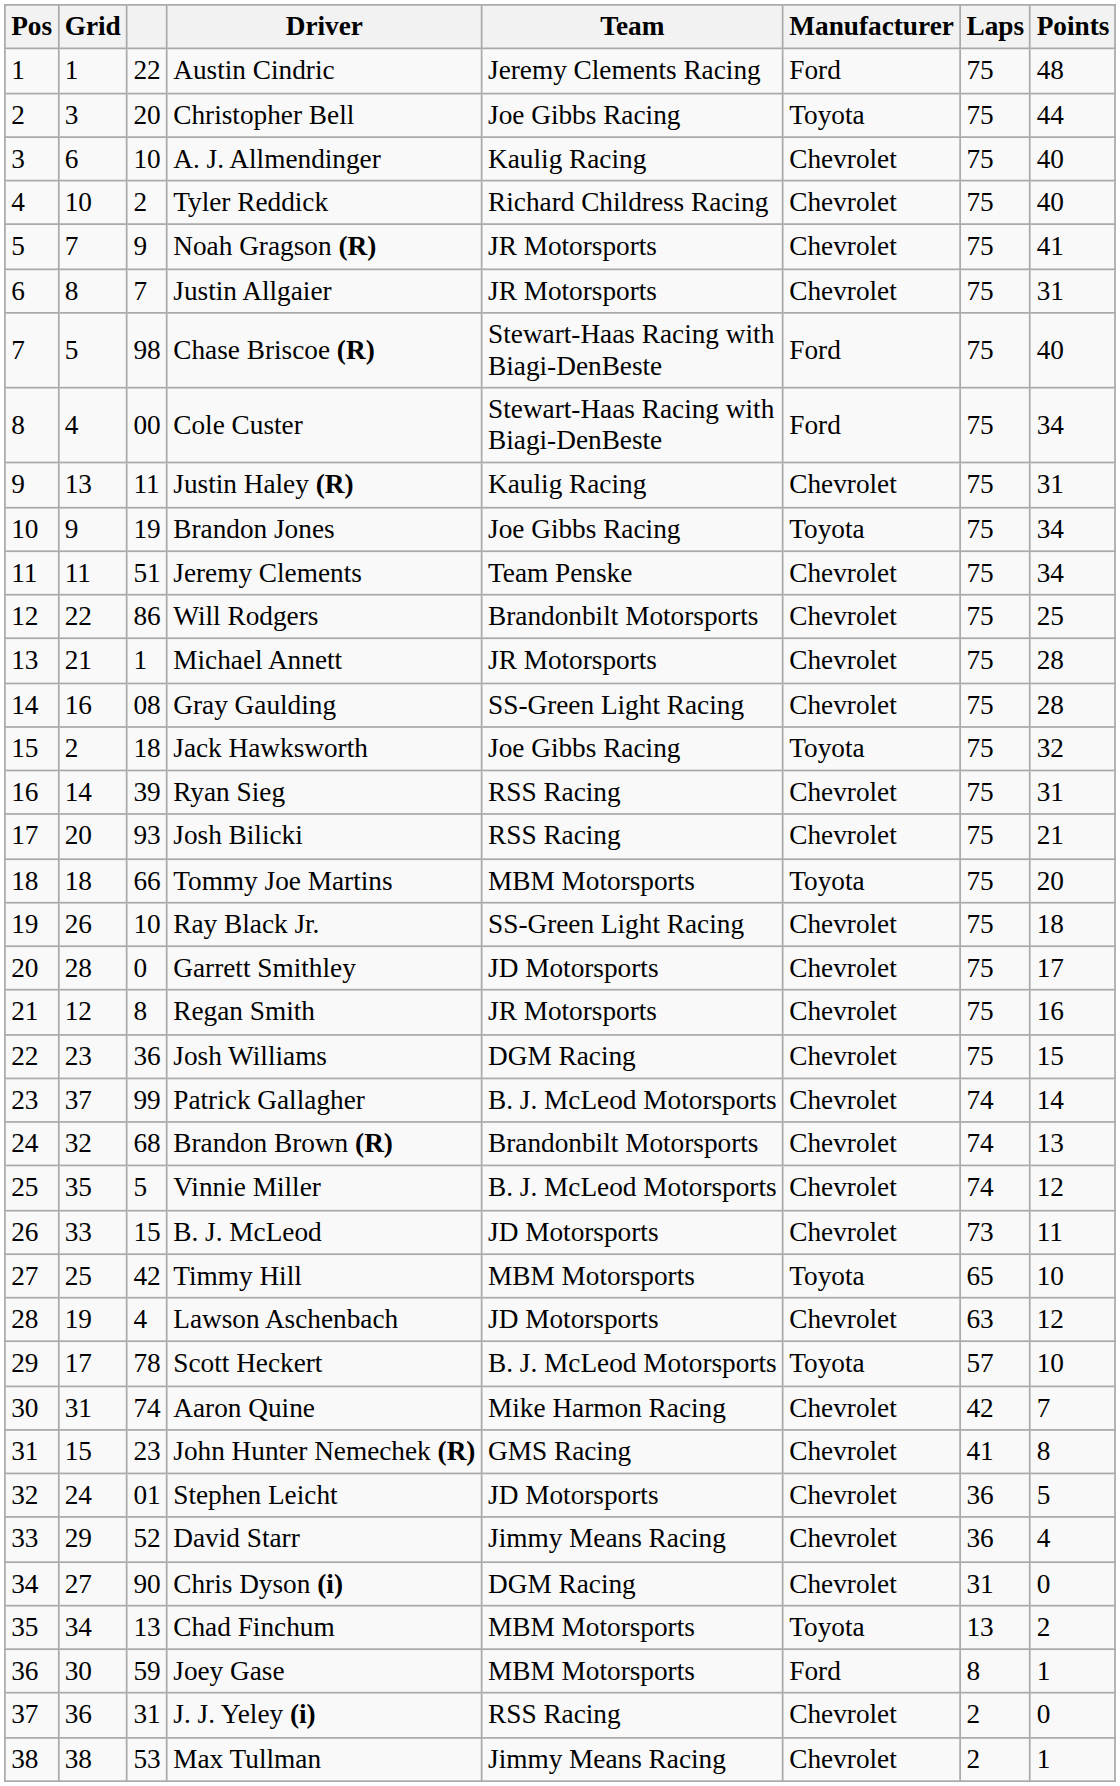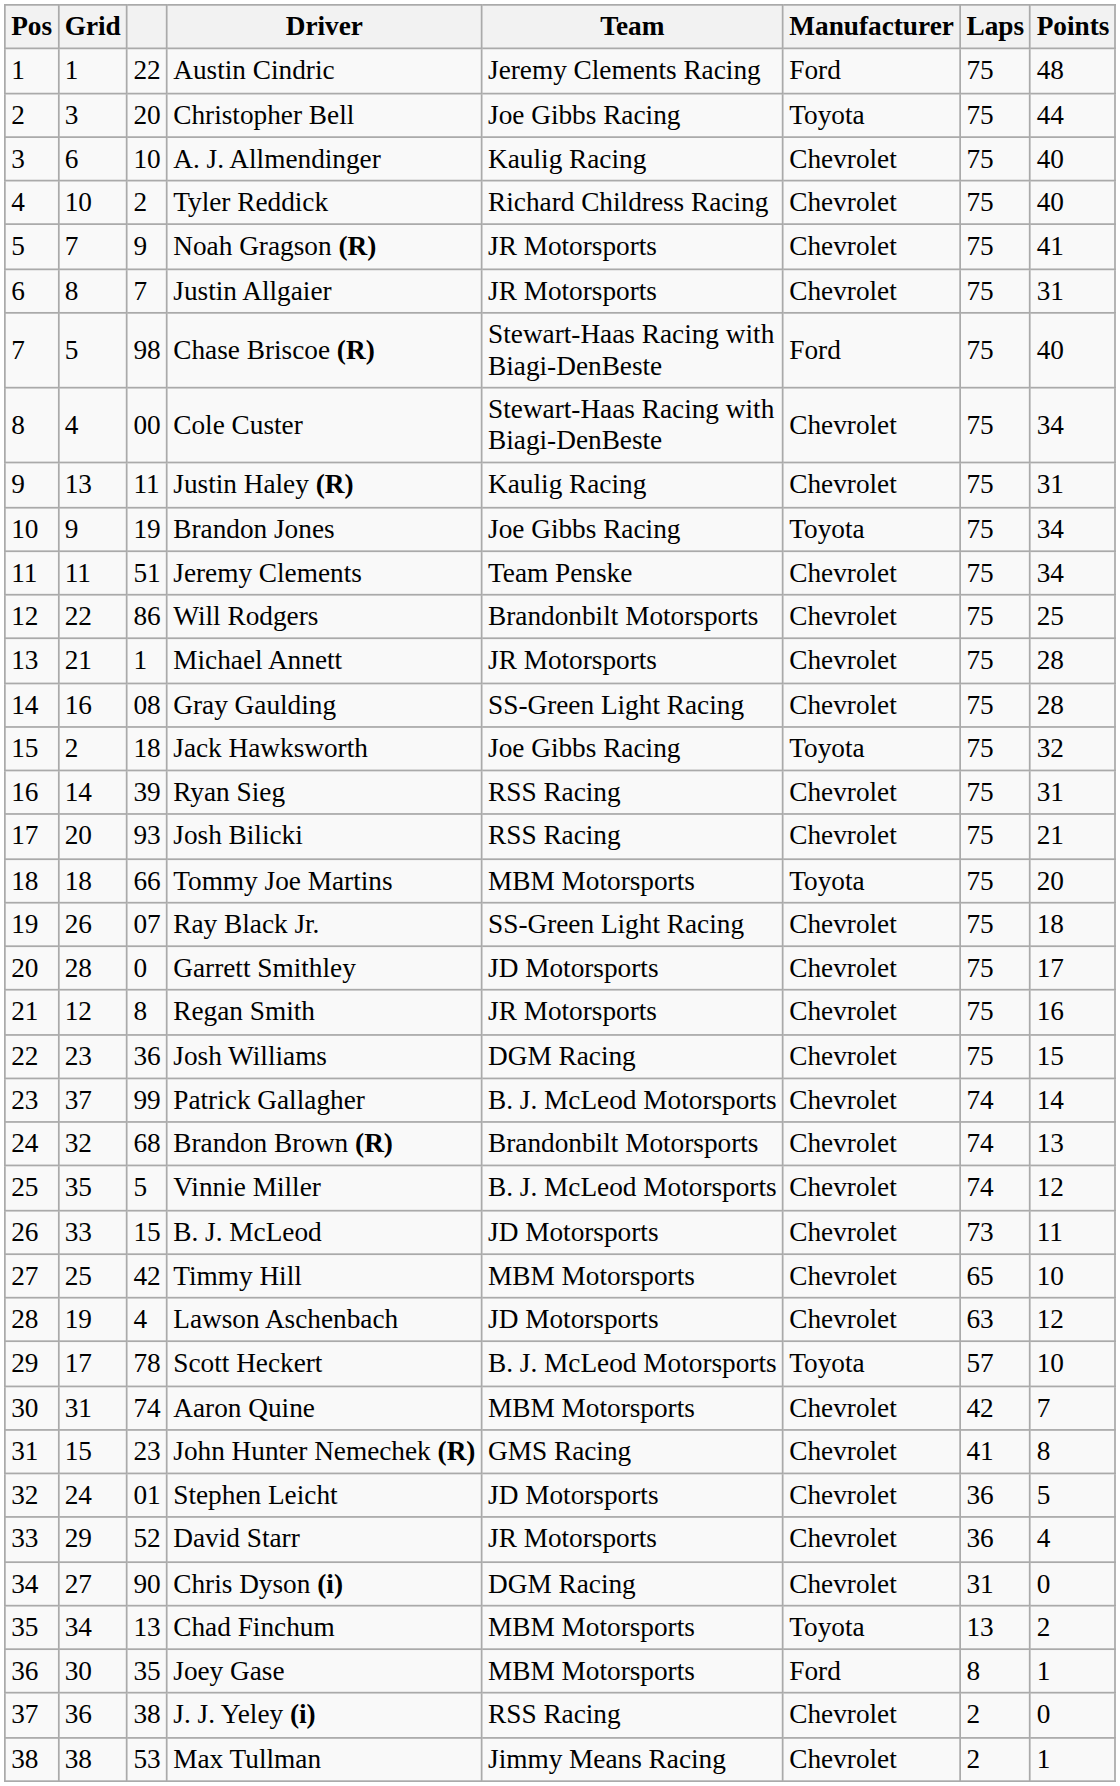 <table class="wikitable" style="font-size:98%">
 <tr>
 <th>Pos</th>
 <th>Grid</th>
 <th></th>
 <th>Driver</th>
 <th>Team</th>
 <th>Manufacturer</th>
 <th>Laps</th>
 <th>Points</th>
 </tr>
 <tr>
 <td>1</td>
 <td>1</td>
 <td>22</td>
 <td>Austin Cindric</td>
 <td>Jeremy Clements Racing</td>
 <td>Ford</td>
 <td>75</td>
 <td>48</td>
 </tr>
 <tr>
 <td>2</td>
 <td>3</td>
 <td>20</td>
 <td>Christopher Bell</td>
 <td>Joe Gibbs Racing</td>
 <td>Toyota</td>
 <td>75</td>
 <td>44</td>
 </tr>
 <tr>
 <td>3</td>
 <td>6</td>
 <td>10</td>
 <td>A. J. Allmendinger</td>
 <td>Kaulig Racing</td>
 <td>Chevrolet</td>
 <td>75</td>
 <td>40</td>
 </tr>
 <tr>
 <td>4</td>
 <td>10</td>
 <td>2</td>
 <td>Tyler Reddick</td>
 <td>Richard Childress Racing</td>
 <td>Chevrolet</td>
 <td>75</td>
 <td>40</td>
 </tr>
 <tr>
 <td>5</td>
 <td>7</td>
 <td>9</td>
 <td>Noah Gragson <strong>(R)</strong></td>
 <td>JR Motorsports</td>
 <td>Chevrolet</td>
 <td>75</td>
 <td>41</td>
 </tr>
 <tr>
 <td>6</td>
 <td>8</td>
 <td>7</td>
 <td>Justin Allgaier</td>
 <td>JR Motorsports</td>
 <td>Chevrolet</td>
 <td>75</td>
 <td>31</td>
 </tr>
 <tr>
 <td>7</td>
 <td>5</td>
 <td>98</td>
 <td>Chase Briscoe <strong>(R)</strong></td>
 <td>Stewart-Haas Racing with<br>Biagi-DenBeste</td>
 <td>Ford</td>
 <td>75</td>
 <td>40</td>
 </tr>
 <tr>
 <td>8</td>
 <td>4</td>
 <td>00</td>
 <td>Cole Custer</td>
 <td>Stewart-Haas Racing with<br>Biagi-DenBeste</td>
-<td>Ford</td>
+<td>Chevrolet</td>
 <td>75</td>
 <td>34</td>
 </tr>
 <tr>
 <td>9</td>
 <td>13</td>
 <td>11</td>
 <td>Justin Haley <strong>(R)</strong></td>
 <td>Kaulig Racing</td>
 <td>Chevrolet</td>
 <td>75</td>
 <td>31</td>
 </tr>
 <tr>
 <td>10</td>
 <td>9</td>
 <td>19</td>
 <td>Brandon Jones</td>
 <td>Joe Gibbs Racing</td>
 <td>Toyota</td>
 <td>75</td>
 <td>34</td>
 </tr>
 <tr>
 <td>11</td>
 <td>11</td>
 <td>51</td>
 <td>Jeremy Clements</td>
 <td>Team Penske</td>
 <td>Chevrolet</td>
 <td>75</td>
 <td>34</td>
 </tr>
 <tr>
 <td>12</td>
 <td>22</td>
 <td>86</td>
 <td>Will Rodgers</td>
 <td>Brandonbilt Motorsports</td>
 <td>Chevrolet</td>
 <td>75</td>
 <td>25</td>
 </tr>
 <tr>
 <td>13</td>
 <td>21</td>
 <td>1</td>
 <td>Michael Annett</td>
 <td>JR Motorsports</td>
 <td>Chevrolet</td>
 <td>75</td>
 <td>28</td>
 </tr>
 <tr>
 <td>14</td>
 <td>16</td>
 <td>08</td>
 <td>Gray Gaulding</td>
 <td>SS-Green Light Racing</td>
 <td>Chevrolet</td>
 <td>75</td>
 <td>28</td>
 </tr>
 <tr>
 <td>15</td>
 <td>2</td>
 <td>18</td>
 <td>Jack Hawksworth</td>
 <td>Joe Gibbs Racing</td>
 <td>Toyota</td>
 <td>75</td>
 <td>32</td>
 </tr>
 <tr>
 <td>16</td>
 <td>14</td>
 <td>39</td>
 <td>Ryan Sieg</td>
 <td>RSS Racing</td>
 <td>Chevrolet</td>
 <td>75</td>
 <td>31</td>
 </tr>
 <tr>
 <td>17</td>
 <td>20</td>
 <td>93</td>
 <td>Josh Bilicki</td>
 <td>RSS Racing</td>
 <td>Chevrolet</td>
 <td>75</td>
 <td>21</td>
 </tr>
 <tr>
 <td>18</td>
 <td>18</td>
 <td>66</td>
 <td>Tommy Joe Martins</td>
 <td>MBM Motorsports</td>
 <td>Toyota</td>
 <td>75</td>
 <td>20</td>
 </tr>
 <tr>
 <td>19</td>
 <td>26</td>
-<td>10</td>
+<td>07</td>
 <td>Ray Black Jr.</td>
 <td>SS-Green Light Racing</td>
 <td>Chevrolet</td>
 <td>75</td>
 <td>18</td>
 </tr>
 <tr>
 <td>20</td>
 <td>28</td>
 <td>0</td>
 <td>Garrett Smithley</td>
 <td>JD Motorsports</td>
 <td>Chevrolet</td>
 <td>75</td>
 <td>17</td>
 </tr>
 <tr>
 <td>21</td>
 <td>12</td>
 <td>8</td>
 <td>Regan Smith</td>
 <td>JR Motorsports</td>
 <td>Chevrolet</td>
 <td>75</td>
 <td>16</td>
 </tr>
 <tr>
 <td>22</td>
 <td>23</td>
 <td>36</td>
 <td>Josh Williams</td>
 <td>DGM Racing</td>
 <td>Chevrolet</td>
 <td>75</td>
 <td>15</td>
 </tr>
 <tr>
 <td>23</td>
 <td>37</td>
 <td>99</td>
 <td>Patrick Gallagher</td>
 <td>B. J. McLeod Motorsports</td>
 <td>Chevrolet</td>
 <td>74</td>
 <td>14</td>
 </tr>
 <tr>
 <td>24</td>
 <td>32</td>
 <td>68</td>
 <td>Brandon Brown <strong>(R)</strong></td>
 <td>Brandonbilt Motorsports</td>
 <td>Chevrolet</td>
 <td>74</td>
 <td>13</td>
 </tr>
 <tr>
 <td>25</td>
 <td>35</td>
 <td>5</td>
 <td>Vinnie Miller</td>
 <td>B. J. McLeod Motorsports</td>
 <td>Chevrolet</td>
 <td>74</td>
 <td>12</td>
 </tr>
 <tr>
 <td>26</td>
 <td>33</td>
 <td>15</td>
 <td>B. J. McLeod</td>
 <td>JD Motorsports</td>
 <td>Chevrolet</td>
 <td>73</td>
 <td>11</td>
 </tr>
 <tr>
 <td>27</td>
 <td>25</td>
 <td>42</td>
 <td>Timmy Hill</td>
 <td>MBM Motorsports</td>
-<td>Toyota</td>
+<td>Chevrolet</td>
 <td>65</td>
 <td>10</td>
 </tr>
 <tr>
 <td>28</td>
 <td>19</td>
 <td>4</td>
 <td>Lawson Aschenbach</td>
 <td>JD Motorsports</td>
 <td>Chevrolet</td>
 <td>63</td>
 <td>12</td>
 </tr>
 <tr>
 <td>29</td>
 <td>17</td>
 <td>78</td>
 <td>Scott Heckert</td>
 <td>B. J. McLeod Motorsports</td>
 <td>Toyota</td>
 <td>57</td>
 <td>10</td>
 </tr>
 <tr>
 <td>30</td>
 <td>31</td>
 <td>74</td>
 <td>Aaron Quine</td>
-<td>Mike Harmon Racing</td>
+<td>MBM Motorsports</td>
 <td>Chevrolet</td>
 <td>42</td>
 <td>7</td>
 </tr>
 <tr>
 <td>31</td>
 <td>15</td>
 <td>23</td>
 <td>John Hunter Nemechek <strong>(R)</strong></td>
 <td>GMS Racing</td>
 <td>Chevrolet</td>
 <td>41</td>
 <td>8</td>
 </tr>
 <tr>
 <td>32</td>
 <td>24</td>
 <td>01</td>
 <td>Stephen Leicht</td>
 <td>JD Motorsports</td>
 <td>Chevrolet</td>
 <td>36</td>
 <td>5</td>
 </tr>
 <tr>
 <td>33</td>
 <td>29</td>
 <td>52</td>
 <td>David Starr</td>
-<td>Jimmy Means Racing</td>
+<td>JR Motorsports</td>
 <td>Chevrolet</td>
 <td>36</td>
 <td>4</td>
 </tr>
 <tr>
 <td>34</td>
 <td>27</td>
 <td>90</td>
 <td>Chris Dyson <strong>(i)</strong></td>
 <td>DGM Racing</td>
 <td>Chevrolet</td>
 <td>31</td>
 <td>0</td>
 </tr>
 <tr>
 <td>35</td>
 <td>34</td>
 <td>13</td>
 <td>Chad Finchum</td>
 <td>MBM Motorsports</td>
 <td>Toyota</td>
 <td>13</td>
 <td>2</td>
 </tr>
 <tr>
 <td>36</td>
 <td>30</td>
-<td>59</td>
+<td>35</td>
 <td>Joey Gase</td>
 <td>MBM Motorsports</td>
 <td>Ford</td>
 <td>8</td>
 <td>1</td>
 </tr>
 <tr>
 <td>37</td>
 <td>36</td>
-<td>31</td>
+<td>38</td>
 <td>J. J. Yeley <strong>(i)</strong></td>
 <td>RSS Racing</td>
 <td>Chevrolet</td>
 <td>2</td>
 <td>0</td>
 </tr>
 <tr>
 <td>38</td>
 <td>38</td>
 <td>53</td>
 <td>Max Tullman</td>
 <td>Jimmy Means Racing</td>
 <td>Chevrolet</td>
 <td>2</td>
 <td>1</td>
 </tr>
 <tr>
 </tr>
 </table>
